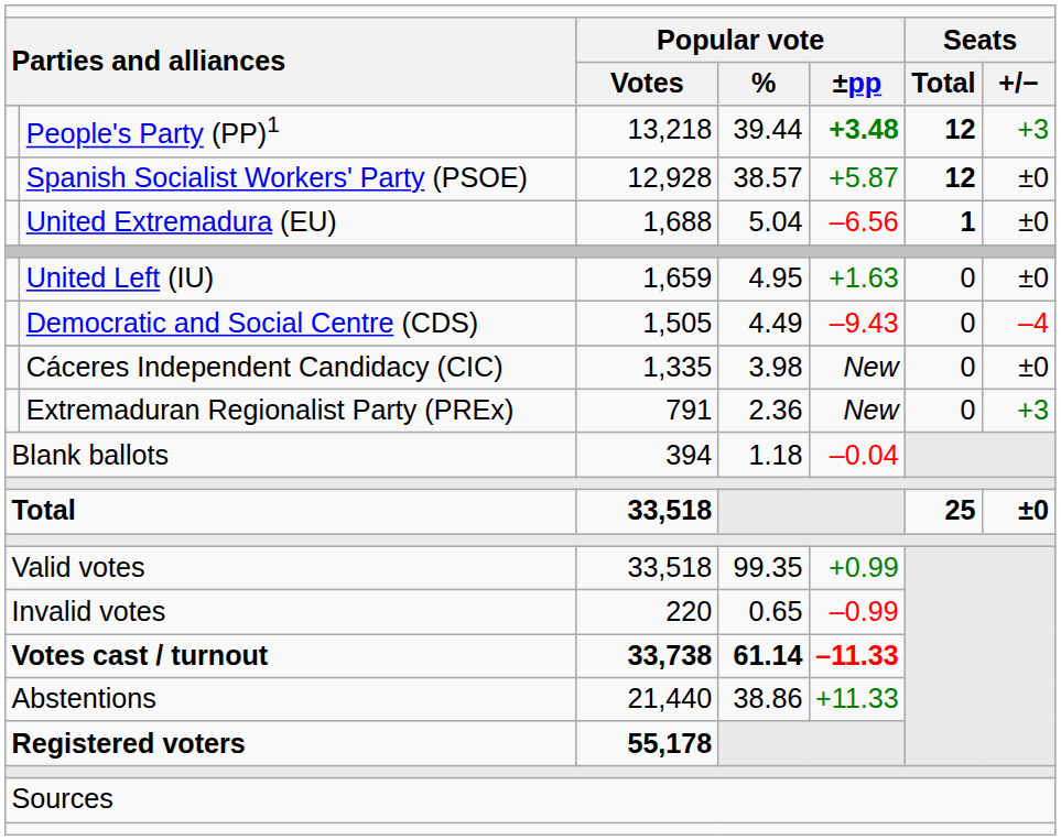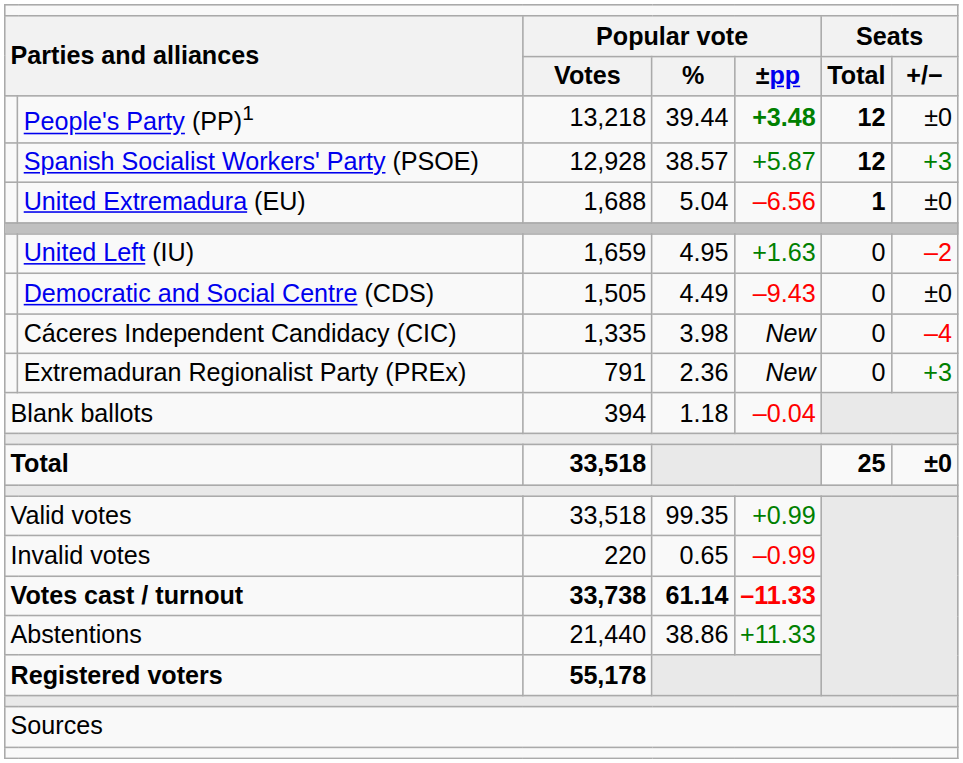 <table class="wikitable" style="text-align:right;">
 <tr>
 <td colspan="7"></td>
 </tr>
 <tr>
 <th style="text-align:left;" rowspan="2" colspan="2" width="525">Parties and alliances</th>
 <th colspan="3">Popular vote</th>
 <th colspan="2">Seats</th>
 </tr>
 <tr>
 <th width="75">Votes</th>
 <th width="45">%</th>
 <th width="45">±<a href='#'>pp</a></th>
 <th width="35">Total</th>
 <th width="35">+/−</th>
 </tr>
 <tr>
 <td width="1" style="color:inherit;background:"></td>
 <td align="left"><a href='#'>People's Party</a> (PP)<sup>1</sup></td>
 <td>13,218</td>
 <td>39.44</td>
 <td style="color:green;"><strong>+3.48</strong></td>
 <td><strong>12</strong></td>
-<td style="color:green;">+3</td>
+<td>±0</td>
 </tr>
 <tr>
 <td style="color:inherit;background:"></td>
 <td align="left"><a href='#'>Spanish Socialist Workers' Party</a> (PSOE)</td>
 <td>12,928</td>
 <td>38.57</td>
 <td style="color:green;">+5.87</td>
 <td><strong>12</strong></td>
-<td>±0</td>
+<td style="color:green;">+3</td>
 </tr>
 <tr>
 <td style="color:inherit;background:"></td>
 <td align="left"><a href='#'>United Extremadura</a> (EU)</td>
 <td>1,688</td>
 <td>5.04</td>
 <td style="color:red;">–6.56</td>
 <td><strong>1</strong></td>
 <td>±0</td>
 </tr>
 <tr>
 <td colspan="7" bgcolor="#C0C0C0"></td>
 </tr>
 <tr>
 <td style="color:inherit;background:"></td>
 <td align="left"><a href='#'>United Left</a> (IU)</td>
 <td>1,659</td>
 <td>4.95</td>
 <td style="color:green;">+1.63</td>
 <td>0</td>
-<td>±0</td>
+<td style="color:red;">–2</td>
 </tr>
 <tr>
 <td style="color:inherit;background:"></td>
 <td align="left"><a href='#'>Democratic and Social Centre</a> (CDS)</td>
 <td>1,505</td>
 <td>4.49</td>
 <td style="color:red;">–9.43</td>
 <td>0</td>
-<td style="color:red;">–4</td>
+<td>±0</td>
 </tr>
 <tr>
 <td style="color:inherit;background:"></td>
 <td align="left">Cáceres Independent Candidacy (CIC)</td>
 <td>1,335</td>
 <td>3.98</td>
 <td><em>New</em></td>
 <td>0</td>
-<td>±0</td>
+<td style="color:red;">–4</td>
 </tr>
 <tr>
 <td style="color:inherit;background:"></td>
 <td align="left">Extremaduran Regionalist Party (PREx)</td>
 <td>791</td>
 <td>2.36</td>
 <td><em>New</em></td>
 <td>0</td>
 <td style="color:green;">+3</td>
 </tr>
 <tr>
 <td align="left" colspan="2">Blank ballots</td>
 <td>394</td>
 <td>1.18</td>
 <td style="color:red;">–0.04</td>
 <td bgcolor="#E9E9E9" colspan="2"></td>
 </tr>
 <tr>
 <td colspan="7" bgcolor="#E9E9E9"></td>
 </tr>
 <tr style="font-weight:bold;">
 <td align="left" colspan="2">Total</td>
 <td>33,518</td>
 <td bgcolor="#E9E9E9" colspan="2"></td>
 <td>25</td>
 <td>±0</td>
 </tr>
 <tr>
 <td colspan="7" bgcolor="#E9E9E9"></td>
 </tr>
 <tr>
 <td align="left" colspan="2">Valid votes</td>
 <td>33,518</td>
 <td>99.35</td>
 <td style="color:green;">+0.99</td>
 <td bgcolor="#E9E9E9" colspan="2" rowspan="5"></td>
 </tr>
 <tr>
 <td align="left" colspan="2">Invalid votes</td>
 <td>220</td>
 <td>0.65</td>
 <td style="color:red;">–0.99</td>
 </tr>
 <tr style="font-weight:bold;">
 <td align="left" colspan="2">Votes cast / turnout</td>
 <td>33,738</td>
 <td>61.14</td>
 <td style="color:red;">–11.33</td>
 </tr>
 <tr>
 <td align="left" colspan="2">Abstentions</td>
 <td>21,440</td>
 <td>38.86</td>
 <td style="color:green;">+11.33</td>
 </tr>
 <tr style="font-weight:bold;">
 <td align="left" colspan="2">Registered voters</td>
 <td>55,178</td>
 <td bgcolor="#E9E9E9" colspan="2"></td>
 </tr>
 <tr>
 <td colspan="7" bgcolor="#E9E9E9"></td>
 </tr>
 <tr>
 <td align="left" colspan="7">Sources</td>
 </tr>
 <tr>
 <td colspan="7" style="text-align:left; max-width:790px;"></td>
 </tr>
 </table>
